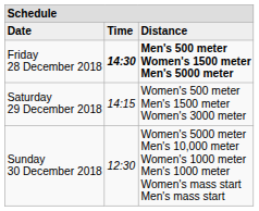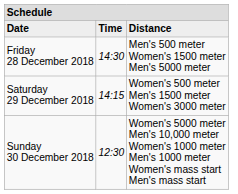 <table class="wikitable">
 <tr align=left bgcolor=#DDDDDD>
 <td colspan=3><strong>Schedule</strong></td>
 </tr>
 <tr align=left bgcolor=#EEEEEE>
 <td><strong>Date</strong></td>
 <td><strong>Time</strong></td>
 <td><strong>Distance</strong></td>
 </tr>
 <tr>
 <td>Friday <br> 28 December 2018</td>
-<td><strong><em>14:30</em></strong></td>
-<td><strong>Men's 500 meter  <br> Women's 1500 meter <br> Men's 5000 meter</strong></td>
+<td><em>14:30</em></td>
+<td>Men's 500 meter  <br> Women's 1500 meter <br> Men's 5000 meter</td>
 </tr>
 <tr>
 <td>Saturday <br> 29 December 2018</td>
 <td><em>14:15</em></td>
 <td>Women's 500 meter <br> Men's 1500 meter <br> Women's 3000 meter</td>
 </tr>
 <tr>
 <td>Sunday <br> 30 December 2018</td>
 <td><em>12:30</em></td>
 <td>Women's 5000 meter <br> Men's 10,000 meter <br> Women's 1000 meter <br> Men's 1000 meter <br> Women's mass start <br> Men's mass start</td>
 </tr>
 </table>
